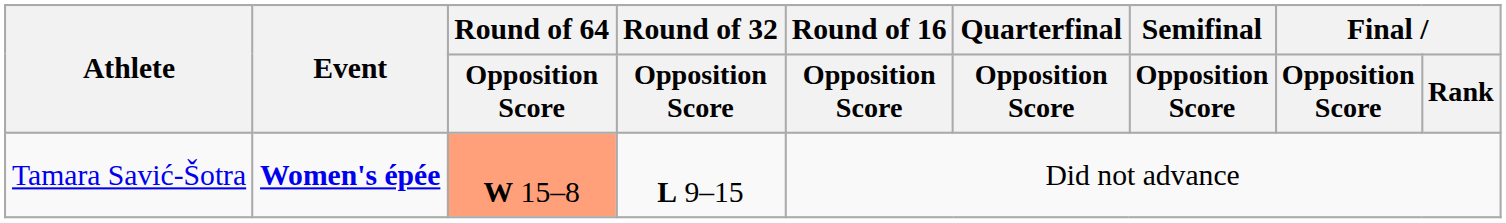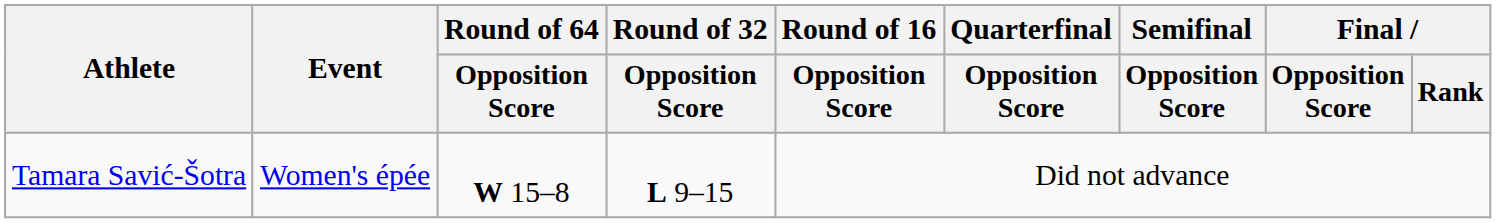 <table class="wikitable" style="font-size:90%">
 <tr>
 <th rowspan=2>Athlete</th>
 <th rowspan=2>Event</th>
 <th>Round of 64</th>
 <th>Round of 32</th>
 <th>Round of 16</th>
 <th>Quarterfinal</th>
 <th>Semifinal</th>
 <th colspan=2>Final / </th>
 </tr>
 <tr style="font-size:95%">
 <th>Opposition<br>Score</th>
 <th>Opposition<br>Score</th>
 <th>Opposition<br>Score</th>
 <th>Opposition<br>Score</th>
 <th>Opposition<br>Score</th>
 <th>Opposition<br>Score</th>
 <th>Rank</th>
 </tr>
 <tr align=center>
 <td align=left><a href='#'>Tamara Savić-Šotra</a></td>
-<td align=left><strong><a href='#'>Women's épée</a></strong></td>
-<td style="background: lightsalmon;"><br><strong>W</strong> 15–8</td>
+<td align=left><a href='#'>Women's épée</a></td>
+<td><br><strong>W</strong> 15–8</td>
 <td><br><strong>L</strong> 9–15</td>
 <td colspan=5>Did not advance</td>
 </tr>
 </table>
